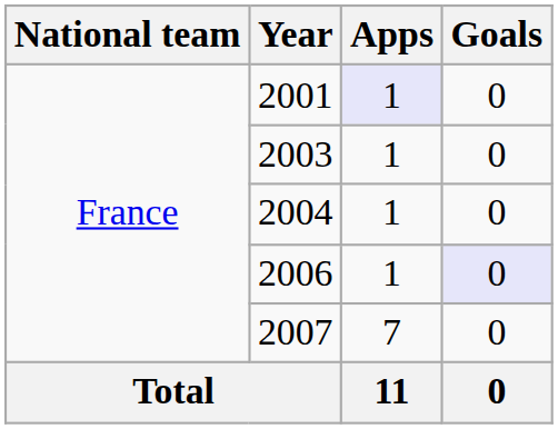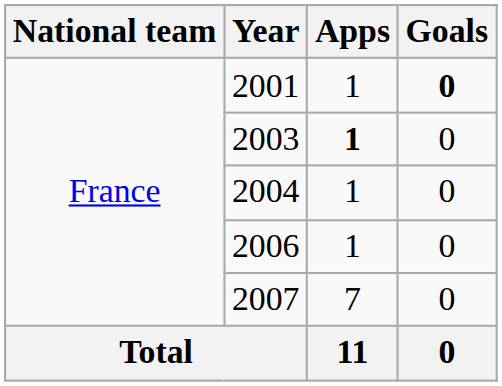 <table class="wikitable" style="text-align: center;">
 <tr>
 <th>National team</th>
 <th>Year</th>
 <th>Apps</th>
 <th>Goals</th>
 </tr>
 <tr>
 <td rowspan="5"><a href='#'>France</a></td>
 <td>2001</td>
-<td style="background: lavender;">1</td>
-<td>0</td>
+<td>1</td>
+<td><strong>0</strong></td>
 </tr>
 <tr>
 <td>2003</td>
-<td>1</td>
+<td><strong>1</strong></td>
 <td>0</td>
 </tr>
 <tr>
 <td>2004</td>
 <td>1</td>
 <td>0</td>
 </tr>
 <tr>
 <td>2006</td>
 <td>1</td>
-<td style="background: lavender;">0</td>
+<td>0</td>
 </tr>
 <tr>
 <td>2007</td>
 <td>7</td>
 <td>0</td>
 </tr>
 <tr>
 <th colspan="2">Total</th>
 <th>11</th>
 <th>0</th>
 </tr>
 </table>
